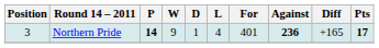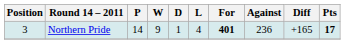 <table class="wikitable" style="text-align:center; font-size:85%;">
 <tr>
 <th width=40 abbr="Position">Position</th>
 <th width=100>Round 14 – 2011</th>
 <th width=20 abbr="Played">P</th>
 <th width=20 abbr="Won">W</th>
 <th width=20 abbr="Drawn">D</th>
 <th width=20 abbr="Lost">L</th>
 <th width=40 abbr="Points for">For</th>
 <th width=40 abbr="Points against">Against</th>
 <th width=40 abbr="Points difference">Diff</th>
 <th width=20 abbr="Points">Pts</th>
 </tr>
 <tr style="background: #d7ebed;">
 <td>3</td>
 <td style="text-align:left;"> <a href='#'>Northern Pride</a></td>
-<td><strong>14</strong></td>
+<td>14</td>
 <td>9</td>
 <td>1</td>
 <td>4</td>
-<td>401</td>
-<td><strong>236</strong></td>
+<td><strong>401</strong></td>
+<td>236</td>
 <td>+165</td>
 <td><strong>17</strong></td>
 </tr>
 <tr>
 </tr>
 </table>
